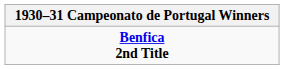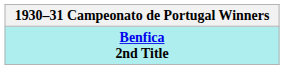 <table class="wikitable" style="text-align: center; margin: 0 auto; width: 20%">
 <tr>
 <th>1930–31 Campeonato de Portugal Winners</th>
 </tr>
 <tr>
-<td><strong><a href='#'>Benfica</a></strong><br><strong>2nd Title</strong></td>
+<td style="background: paleturquoise;"><strong><a href='#'>Benfica</a></strong><br><strong>2nd Title</strong></td>
 </tr>
 </table>
